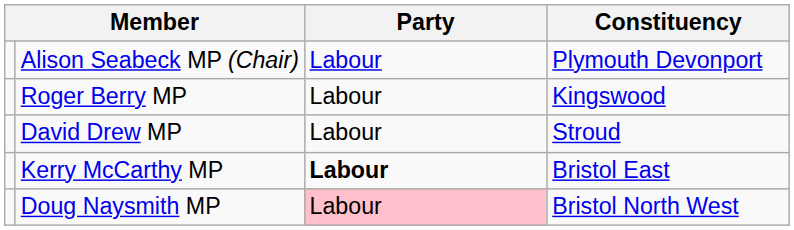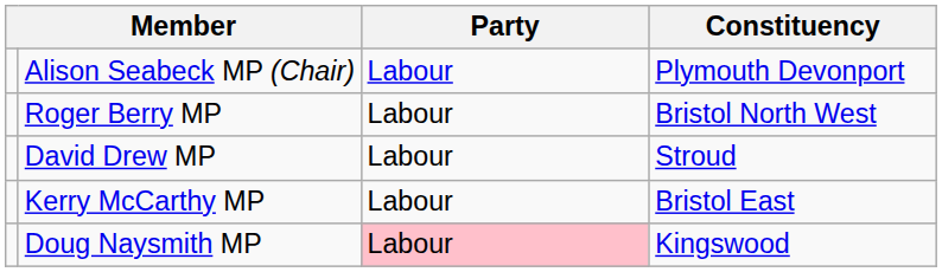 <table class="wikitable">
 <tr>
 <th width="160px" colspan="2">Member</th>
 <th width="160px" colspan="1">Party</th>
 <th width="160px" colspan="2">Constituency</th>
 </tr>
 <tr>
 <td style="color:inherit;background:"></td>
 <td><a href='#'>Alison Seabeck</a> MP <em>(Chair)</em></td>
 <td><a href='#'>Labour</a></td>
 <td><a href='#'>Plymouth Devonport</a></td>
 </tr>
 <tr>
 <td style="color:inherit;background:"></td>
 <td><a href='#'>Roger Berry</a> MP</td>
 <td>Labour</td>
-<td><a href='#'>Kingswood</a></td>
+<td><a href='#'>Bristol North West</a></td>
 </tr>
 <tr>
 <td style="color:inherit;background:"></td>
 <td><a href='#'>David Drew</a> MP</td>
 <td>Labour</td>
 <td><a href='#'>Stroud</a></td>
 </tr>
 <tr>
 <td style="color:inherit;background:"></td>
 <td><a href='#'>Kerry McCarthy</a> MP</td>
-<td><strong>Labour</strong></td>
+<td>Labour</td>
 <td><a href='#'>Bristol East</a></td>
 </tr>
 <tr>
 <td style="color:inherit;background:"></td>
 <td><a href='#'>Doug Naysmith</a> MP</td>
 <td style="background: pink;">Labour</td>
-<td><a href='#'>Bristol North West</a></td>
+<td><a href='#'>Kingswood</a></td>
 </tr>
 </table>
